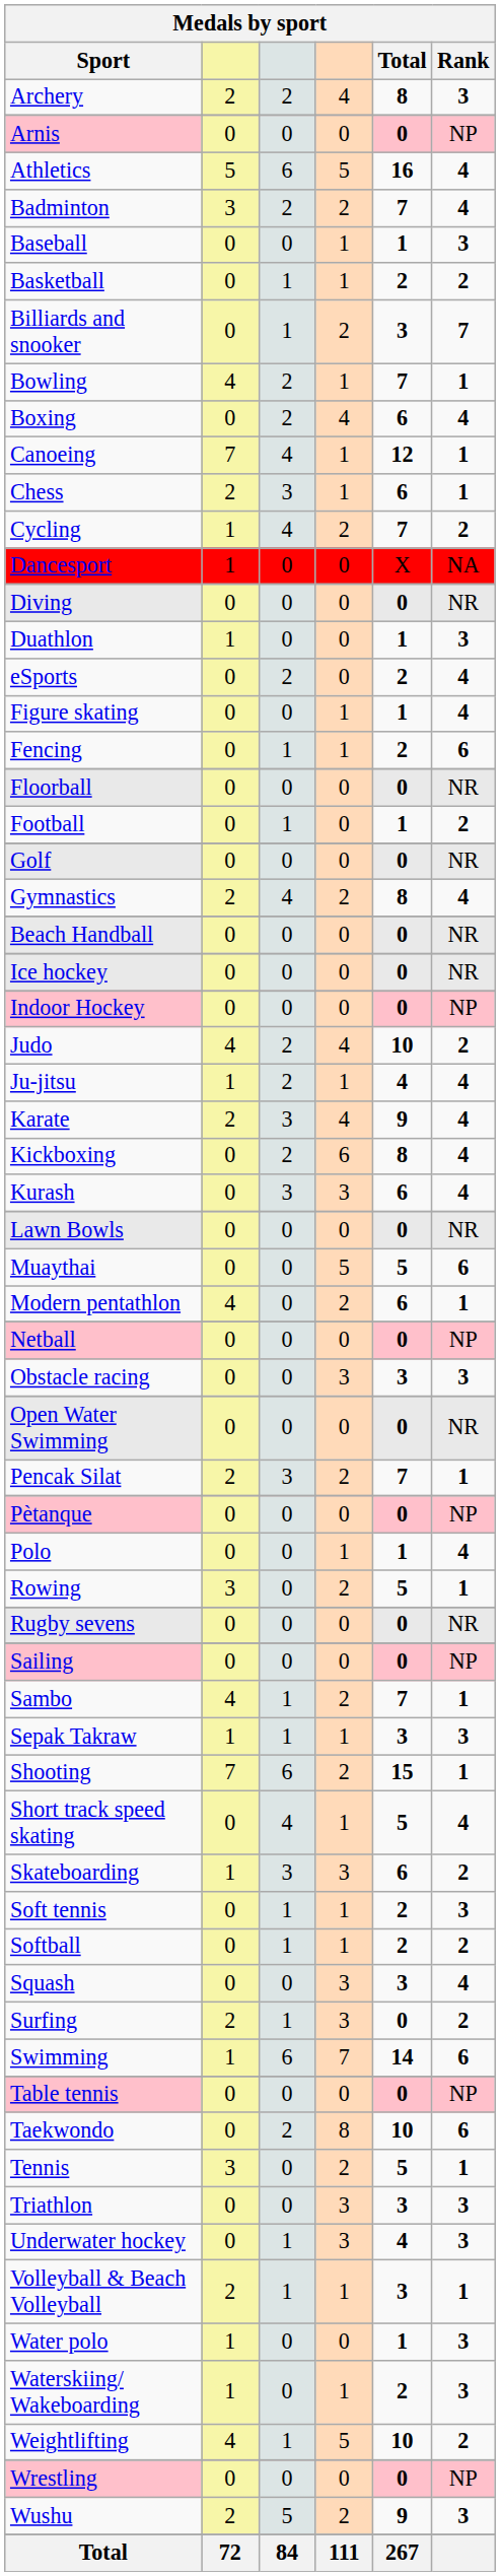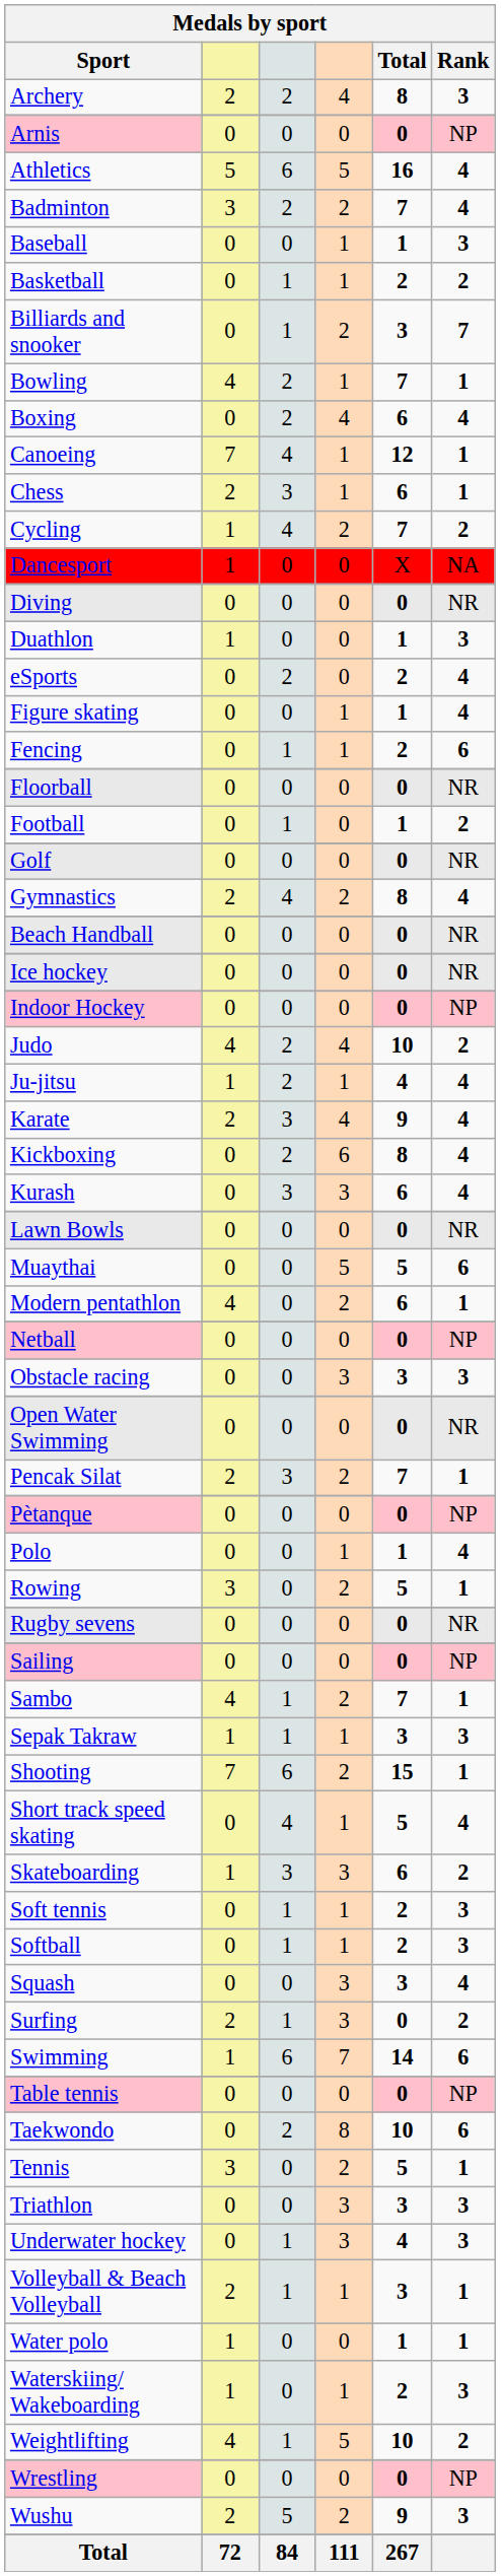 <table class="wikitable sortable" style="font-size:90%; text-align:center;">
 <tr>
 <th colspan=6>Medals by sport</th>
 </tr>
 <tr>
 <th width=120>Sport</th>
 <th scope="col" width=30 style="background:#F7F6A8;"></th>
 <th scope="col" width=30 style="background:#DCE5E5;"></th>
 <th scope="col" width=30 style="background:#FFDAB9;"></th>
 <th width=30>Total</th>
 <th width=30>Rank</th>
 </tr>
 <tr>
 <td align=left><a href='#'>Archery</a></td>
 <td style="background:#F7F6A8;">2</td>
 <td style="background:#DCE5E5;">2</td>
 <td style="background:#FFDAB9;">4</td>
 <td><strong>8</strong></td>
 <td><strong>3</strong></td>
 </tr>
 <tr>
 </tr>
 <tr bgcolor="#FFC0CB">
 <td align=left><a href='#'>Arnis</a></td>
 <td style="background:#F7F6A8;">0</td>
 <td style="background:#DCE5E5;">0</td>
 <td style="background:#FFDAB9;">0</td>
 <td><strong>0</strong></td>
 <td>NP</td>
 </tr>
 <tr>
 <td align=left><a href='#'>Athletics</a></td>
 <td style="background:#F7F6A8;">5</td>
 <td style="background:#DCE5E5;">6</td>
 <td style="background:#FFDAB9;">5</td>
 <td><strong>16</strong></td>
 <td><strong>4</strong></td>
 </tr>
 <tr>
 <td align=left><a href='#'>Badminton</a></td>
 <td style="background:#F7F6A8;">3</td>
 <td style="background:#DCE5E5;">2</td>
 <td style="background:#FFDAB9;">2</td>
 <td><strong>7</strong></td>
 <td><strong>4</strong></td>
 </tr>
 <tr>
 <td align=left><a href='#'>Baseball</a></td>
 <td style="background:#F7F6A8;">0</td>
 <td style="background:#DCE5E5;">0</td>
 <td style="background:#FFDAB9;">1</td>
 <td><strong>1</strong></td>
 <td><strong>3</strong></td>
 </tr>
 <tr>
 <td align=left><a href='#'>Basketball</a></td>
 <td style="background:#F7F6A8;">0</td>
 <td style="background:#DCE5E5;">1</td>
 <td style="background:#FFDAB9;">1</td>
 <td><strong>2</strong></td>
 <td><strong>2</strong></td>
 </tr>
 <tr>
 <td align=left><a href='#'>Billiards and snooker</a></td>
 <td style="background:#F7F6A8;">0</td>
 <td style="background:#DCE5E5;">1</td>
 <td style="background:#FFDAB9;">2</td>
 <td><strong>3</strong></td>
 <td><strong>7</strong></td>
 </tr>
 <tr>
 <td align=left><a href='#'>Bowling</a></td>
 <td style="background:#F7F6A8;">4</td>
 <td style="background:#DCE5E5;">2</td>
 <td style="background:#FFDAB9;">1</td>
 <td><strong>7</strong></td>
 <td><strong>1</strong></td>
 </tr>
 <tr>
 <td align=left><a href='#'>Boxing</a></td>
 <td style="background:#F7F6A8;">0</td>
 <td style="background:#DCE5E5;">2</td>
 <td style="background:#FFDAB9;">4</td>
 <td><strong>6</strong></td>
 <td><strong>4</strong></td>
 </tr>
 <tr>
 <td align=left><a href='#'>Canoeing</a></td>
 <td style="background:#F7F6A8;">7</td>
 <td style="background:#DCE5E5;">4</td>
 <td style="background:#FFDAB9;">1</td>
 <td><strong>12</strong></td>
 <td><strong>1</strong></td>
 </tr>
 <tr>
 <td align=left><a href='#'>Chess</a></td>
 <td style="background:#F7F6A8;">2</td>
 <td style="background:#DCE5E5;">3</td>
 <td style="background:#FFDAB9;">1</td>
 <td><strong>6</strong></td>
 <td><strong>1</strong></td>
 </tr>
 <tr>
 <td align=left><a href='#'>Cycling</a></td>
 <td style="background:#F7F6A8;">1</td>
 <td style="background:#DCE5E5;">4</td>
 <td style="background:#FFDAB9;">2</td>
 <td><strong>7</strong></td>
 <td><strong>2</strong></td>
 </tr>
 <tr>
 </tr>
 <tr bgcolor="#FF0000;">
 <td align=left><a href='#'>Dancesport</a> </td>
 <td style="background:#FF0000;">1</td>
 <td style="background:#FF0000;">0</td>
 <td style="background:#FF0000;">0</td>
 <td>X</td>
 <td>NA</td>
 </tr>
 <tr>
 </tr>
 <tr bgcolor="#E9E9E9">
 <td align=left><a href='#'>Diving</a></td>
 <td style="background:#F7F6A8;">0</td>
 <td style="background:#DCE5E5;">0</td>
 <td style="background:#FFDAB9;">0</td>
 <td><strong>0</strong></td>
 <td>NR</td>
 </tr>
 <tr>
 <td align=left><a href='#'>Duathlon</a></td>
 <td style="background:#F7F6A8;">1</td>
 <td style="background:#DCE5E5;">0</td>
 <td style="background:#FFDAB9;">0</td>
 <td><strong>1</strong></td>
 <td><strong>3</strong></td>
 </tr>
 <tr>
 <td align=left><a href='#'>eSports</a></td>
 <td style="background:#F7F6A8;">0</td>
 <td style="background:#DCE5E5;">2</td>
 <td style="background:#FFDAB9;">0</td>
 <td><strong>2</strong></td>
 <td><strong>4</strong></td>
 </tr>
 <tr>
 <td align=left><a href='#'>Figure skating</a></td>
 <td style="background:#F7F6A8;">0</td>
 <td style="background:#DCE5E5;">0</td>
 <td style="background:#FFDAB9;">1</td>
 <td><strong>1</strong></td>
 <td><strong>4</strong></td>
 </tr>
 <tr>
 <td align=left><a href='#'>Fencing</a></td>
 <td style="background:#F7F6A8;">0</td>
 <td style="background:#DCE5E5;">1</td>
 <td style="background:#FFDAB9;">1</td>
 <td><strong>2</strong></td>
 <td><strong>6</strong></td>
 </tr>
 <tr>
 </tr>
 <tr bgcolor="#E9E9E9">
 <td align=left><a href='#'>Floorball</a></td>
 <td style="background:#F7F6A8;">0</td>
 <td style="background:#DCE5E5;">0</td>
 <td style="background:#FFDAB9;">0</td>
 <td><strong>0</strong></td>
 <td>NR</td>
 </tr>
 <tr>
 <td align=left><a href='#'>Football</a></td>
 <td style="background:#F7F6A8;">0</td>
 <td style="background:#DCE5E5;">1</td>
 <td style="background:#FFDAB9;">0</td>
 <td><strong>1</strong></td>
 <td><strong>2</strong></td>
 </tr>
 <tr>
 </tr>
 <tr bgcolor="#E9E9E9">
 <td align=left><a href='#'>Golf</a></td>
 <td style="background:#F7F6A8;">0</td>
 <td style="background:#DCE5E5;">0</td>
 <td style="background:#FFDAB9;">0</td>
 <td><strong>0</strong></td>
 <td>NR</td>
 </tr>
 <tr>
 <td align=left><a href='#'>Gymnastics</a></td>
 <td style="background:#F7F6A8;">2</td>
 <td style="background:#DCE5E5;">4</td>
 <td style="background:#FFDAB9;">2</td>
 <td><strong>8</strong></td>
 <td><strong>4</strong></td>
 </tr>
 <tr>
 </tr>
 <tr bgcolor="#E9E9E9">
 <td align=left><a href='#'>Beach Handball</a></td>
 <td style="background:#F7F6A8;">0</td>
 <td style="background:#DCE5E5;">0</td>
 <td style="background:#FFDAB9;">0</td>
 <td><strong>0</strong></td>
 <td>NR</td>
 </tr>
 <tr>
 </tr>
 <tr bgcolor="#E9E9E9">
 <td align=left><a href='#'>Ice hockey</a></td>
 <td style="background:#F7F6A8;">0</td>
 <td style="background:#DCE5E5;">0</td>
 <td style="background:#FFDAB9;">0</td>
 <td><strong>0</strong></td>
 <td>NR</td>
 </tr>
 <tr>
 </tr>
 <tr bgcolor="#FFC0CB">
 <td align=left><a href='#'>Indoor Hockey</a></td>
 <td style="background:#F7F6A8;">0</td>
 <td style="background:#DCE5E5;">0</td>
 <td style="background:#FFDAB9;">0</td>
 <td><strong>0</strong></td>
 <td>NP</td>
 </tr>
 <tr>
 <td align=left><a href='#'>Judo</a></td>
 <td style="background:#F7F6A8;">4</td>
 <td style="background:#DCE5E5;">2</td>
 <td style="background:#FFDAB9;">4</td>
 <td><strong>10</strong></td>
 <td><strong>2</strong></td>
 </tr>
 <tr>
 <td align=left><a href='#'>Ju-jitsu</a></td>
 <td style="background:#F7F6A8;">1</td>
 <td style="background:#DCE5E5;">2</td>
 <td style="background:#FFDAB9;">1</td>
 <td><strong>4</strong></td>
 <td><strong>4</strong></td>
 </tr>
 <tr>
 <td align=left><a href='#'>Karate</a></td>
 <td style="background:#F7F6A8;">2</td>
 <td style="background:#DCE5E5;">3</td>
 <td style="background:#FFDAB9;">4</td>
 <td><strong>9</strong></td>
 <td><strong>4</strong></td>
 </tr>
 <tr>
 <td align=left><a href='#'>Kickboxing</a></td>
 <td style="background:#F7F6A8;">0</td>
 <td style="background:#DCE5E5;">2</td>
 <td style="background:#FFDAB9;">6</td>
 <td><strong>8</strong></td>
 <td><strong>4</strong></td>
 </tr>
 <tr>
 <td align=left><a href='#'>Kurash</a></td>
 <td style="background:#F7F6A8;">0</td>
 <td style="background:#DCE5E5;">3</td>
 <td style="background:#FFDAB9;">3</td>
 <td><strong>6</strong></td>
 <td><strong>4</strong></td>
 </tr>
 <tr>
 </tr>
 <tr bgcolor="#E9E9E9">
 <td align=left><a href='#'>Lawn Bowls</a></td>
 <td style="background:#F7F6A8;">0</td>
 <td style="background:#DCE5E5;">0</td>
 <td style="background:#FFDAB9;">0</td>
 <td><strong>0</strong></td>
 <td>NR</td>
 </tr>
 <tr>
 <td align=left><a href='#'>Muaythai</a></td>
 <td style="background:#F7F6A8;">0</td>
 <td style="background:#DCE5E5;">0</td>
 <td style="background:#FFDAB9;">5</td>
 <td><strong>5</strong></td>
 <td><strong>6</strong></td>
 </tr>
 <tr>
 <td align=left><a href='#'>Modern pentathlon</a></td>
 <td style="background:#F7F6A8;">4</td>
 <td style="background:#DCE5E5;">0</td>
 <td style="background:#FFDAB9;">2</td>
 <td><strong>6</strong></td>
 <td><strong>1</strong></td>
 </tr>
 <tr>
 </tr>
 <tr bgcolor="#FFC0CB">
 <td align=left><a href='#'>Netball</a></td>
 <td style="background:#F7F6A8;">0</td>
 <td style="background:#DCE5E5;">0</td>
 <td style="background:#FFDAB9;">0</td>
 <td><strong>0</strong></td>
 <td>NP</td>
 </tr>
 <tr>
 <td align=left><a href='#'>Obstacle racing</a></td>
 <td style="background:#F7F6A8;">0</td>
 <td style="background:#DCE5E5;">0</td>
 <td style="background:#FFDAB9;">3</td>
 <td><strong>3</strong></td>
 <td><strong>3</strong></td>
 </tr>
 <tr>
 </tr>
 <tr bgcolor="#E9E9E9">
 <td align=left><a href='#'>Open Water Swimming</a></td>
 <td style="background:#F7F6A8;">0</td>
 <td style="background:#DCE5E5;">0</td>
 <td style="background:#FFDAB9;">0</td>
 <td><strong>0</strong></td>
 <td>NR</td>
 </tr>
 <tr>
 <td align=left><a href='#'>Pencak Silat</a></td>
 <td style="background:#F7F6A8;">2</td>
 <td style="background:#DCE5E5;">3</td>
 <td style="background:#FFDAB9;">2</td>
 <td><strong>7</strong></td>
 <td><strong>1</strong></td>
 </tr>
 <tr>
 </tr>
 <tr bgcolor="#FFC0CB">
 <td align=left><a href='#'>Pètanque</a></td>
 <td style="background:#F7F6A8;">0</td>
 <td style="background:#DCE5E5;">0</td>
 <td style="background:#FFDAB9;">0</td>
 <td><strong>0</strong></td>
 <td>NP</td>
 </tr>
 <tr>
 <td align=left><a href='#'>Polo</a></td>
 <td style="background:#F7F6A8;">0</td>
 <td style="background:#DCE5E5;">0</td>
 <td style="background:#FFDAB9;">1</td>
 <td><strong>1</strong></td>
 <td><strong>4</strong></td>
 </tr>
 <tr>
 <td align=left><a href='#'>Rowing</a></td>
 <td style="background:#F7F6A8;">3</td>
 <td style="background:#DCE5E5;">0</td>
 <td style="background:#FFDAB9;">2</td>
 <td><strong>5</strong></td>
 <td><strong>1</strong></td>
 </tr>
 <tr>
 </tr>
 <tr bgcolor="#E9E9E9">
 <td align=left><a href='#'>Rugby sevens</a></td>
 <td style="background:#F7F6A8;">0</td>
 <td style="background:#DCE5E5;">0</td>
 <td style="background:#FFDAB9;">0</td>
 <td><strong>0</strong></td>
 <td>NR</td>
 </tr>
 <tr>
 </tr>
 <tr bgcolor="#FFC0CB">
 <td align=left><a href='#'>Sailing</a></td>
 <td style="background:#F7F6A8;">0</td>
 <td style="background:#DCE5E5;">0</td>
 <td style="background:#FFDAB9;">0</td>
 <td><strong>0</strong></td>
 <td>NP</td>
 </tr>
 <tr>
 <td align=left><a href='#'>Sambo</a></td>
 <td style="background:#F7F6A8;">4</td>
 <td style="background:#DCE5E5;">1</td>
 <td style="background:#FFDAB9;">2</td>
 <td><strong>7</strong></td>
 <td><strong>1</strong></td>
 </tr>
 <tr>
 <td align=left><a href='#'>Sepak Takraw</a></td>
 <td style="background:#F7F6A8;">1</td>
 <td style="background:#DCE5E5;">1</td>
 <td style="background:#FFDAB9;">1</td>
 <td><strong>3</strong></td>
 <td><strong>3</strong></td>
 </tr>
 <tr>
 <td align=left><a href='#'>Shooting</a></td>
 <td style="background:#F7F6A8;">7</td>
 <td style="background:#DCE5E5;">6</td>
 <td style="background:#FFDAB9;">2</td>
 <td><strong>15</strong></td>
 <td><strong>1</strong></td>
 </tr>
 <tr>
 <td align=left><a href='#'>Short track speed skating</a></td>
 <td style="background:#F7F6A8;">0</td>
 <td style="background:#DCE5E5;">4</td>
 <td style="background:#FFDAB9;">1</td>
 <td><strong>5</strong></td>
 <td><strong>4</strong></td>
 </tr>
 <tr>
 <td align=left><a href='#'>Skateboarding</a></td>
 <td style="background:#F7F6A8;">1</td>
 <td style="background:#DCE5E5;">3</td>
 <td style="background:#FFDAB9;">3</td>
 <td><strong>6</strong></td>
 <td><strong>2</strong></td>
 </tr>
 <tr>
 <td align=left><a href='#'>Soft tennis</a></td>
 <td style="background:#F7F6A8;">0</td>
 <td style="background:#DCE5E5;">1</td>
 <td style="background:#FFDAB9;">1</td>
 <td><strong>2</strong></td>
 <td><strong>3</strong></td>
 </tr>
 <tr>
 <td align=left><a href='#'>Softball</a></td>
 <td style="background:#F7F6A8;">0</td>
 <td style="background:#DCE5E5;">1</td>
 <td style="background:#FFDAB9;">1</td>
 <td><strong>2</strong></td>
-<td><strong>2</strong></td>
+<td><strong>3</strong></td>
 </tr>
 <tr>
 <td align=left><a href='#'>Squash</a></td>
 <td style="background:#F7F6A8;">0</td>
 <td style="background:#DCE5E5;">0</td>
 <td style="background:#FFDAB9;">3</td>
 <td><strong>3</strong></td>
 <td><strong>4</strong></td>
 </tr>
 <tr>
 <td align=left><a href='#'>Surfing</a></td>
 <td style="background:#F7F6A8;">2</td>
 <td style="background:#DCE5E5;">1</td>
 <td style="background:#FFDAB9;">3</td>
 <td><strong>0</strong></td>
 <td><strong>2</strong></td>
 </tr>
 <tr>
 <td align=left><a href='#'>Swimming</a></td>
 <td style="background:#F7F6A8;">1</td>
 <td style="background:#DCE5E5;">6</td>
 <td style="background:#FFDAB9;">7</td>
 <td><strong>14</strong></td>
 <td><strong>6</strong></td>
 </tr>
 <tr>
 </tr>
 <tr bgcolor="#FFC0CB">
 <td align=left><a href='#'>Table tennis</a></td>
 <td style="background:#F7F6A8;">0</td>
 <td style="background:#DCE5E5;">0</td>
 <td style="background:#FFDAB9;">0</td>
 <td><strong>0</strong></td>
 <td>NP</td>
 </tr>
 <tr>
 <td align=left><a href='#'>Taekwondo</a></td>
 <td style="background:#F7F6A8;">0</td>
 <td style="background:#DCE5E5;">2</td>
 <td style="background:#FFDAB9;">8</td>
 <td><strong>10</strong></td>
 <td><strong>6</strong></td>
 </tr>
 <tr>
 <td align=left><a href='#'>Tennis</a></td>
 <td style="background:#F7F6A8;">3</td>
 <td style="background:#DCE5E5;">0</td>
 <td style="background:#FFDAB9;">2</td>
 <td><strong>5</strong></td>
 <td><strong>1</strong></td>
 </tr>
 <tr>
 <td align=left><a href='#'>Triathlon</a></td>
 <td style="background:#F7F6A8;">0</td>
 <td style="background:#DCE5E5;">0</td>
 <td style="background:#FFDAB9;">3</td>
 <td><strong>3</strong></td>
 <td><strong>3</strong></td>
 </tr>
 <tr>
 <td align=left><a href='#'>Underwater hockey</a></td>
 <td style="background:#F7F6A8;">0</td>
 <td style="background:#DCE5E5;">1</td>
 <td style="background:#FFDAB9;">3</td>
 <td><strong>4</strong></td>
 <td><strong>3</strong></td>
 </tr>
 <tr>
 <td align=left><a href='#'>Volleyball & Beach Volleyball</a></td>
 <td style="background:#F7F6A8;">2</td>
 <td style="background:#DCE5E5;">1</td>
 <td style="background:#FFDAB9;">1</td>
 <td><strong>3</strong></td>
 <td><strong>1</strong></td>
 </tr>
 <tr>
 <td align=left><a href='#'>Water polo</a></td>
 <td style="background:#F7F6A8;">1</td>
 <td style="background:#DCE5E5;">0</td>
 <td style="background:#FFDAB9;">0</td>
 <td><strong>1</strong></td>
-<td><strong>3</strong></td>
+<td><strong>1</strong></td>
 </tr>
 <tr>
 <td align=left><a href='#'>Waterskiing/ Wakeboarding</a></td>
 <td style="background:#F7F6A8;">1</td>
 <td style="background:#DCE5E5;">0</td>
 <td style="background:#FFDAB9;">1</td>
 <td><strong>2</strong></td>
 <td><strong>3</strong></td>
 </tr>
 <tr>
 <td align=left><a href='#'>Weightlifting</a></td>
 <td style="background:#F7F6A8;">4</td>
 <td style="background:#DCE5E5;">1</td>
 <td style="background:#FFDAB9;">5</td>
 <td><strong>10</strong></td>
 <td><strong>2</strong></td>
 </tr>
 <tr>
 </tr>
 <tr bgcolor="#FFC0CB">
 <td align=left><a href='#'>Wrestling</a></td>
 <td style="background:#F7F6A8;">0</td>
 <td style="background:#DCE5E5;">0</td>
 <td style="background:#FFDAB9;">0</td>
 <td><strong>0</strong></td>
 <td>NP</td>
 </tr>
 <tr>
 <td align=left><a href='#'>Wushu</a></td>
 <td style="background:#F7F6A8;">2</td>
 <td style="background:#DCE5E5;">5</td>
 <td style="background:#FFDAB9;">2</td>
 <td><strong>9</strong></td>
 <td><strong>3</strong></td>
 </tr>
 <tr>
 </tr>
 <tr class="sortbottom">
 <th>Total</th>
 <th>72</th>
 <th>84</th>
 <th>111</th>
 <th>267</th>
 <th></th>
 </tr>
 </table>
